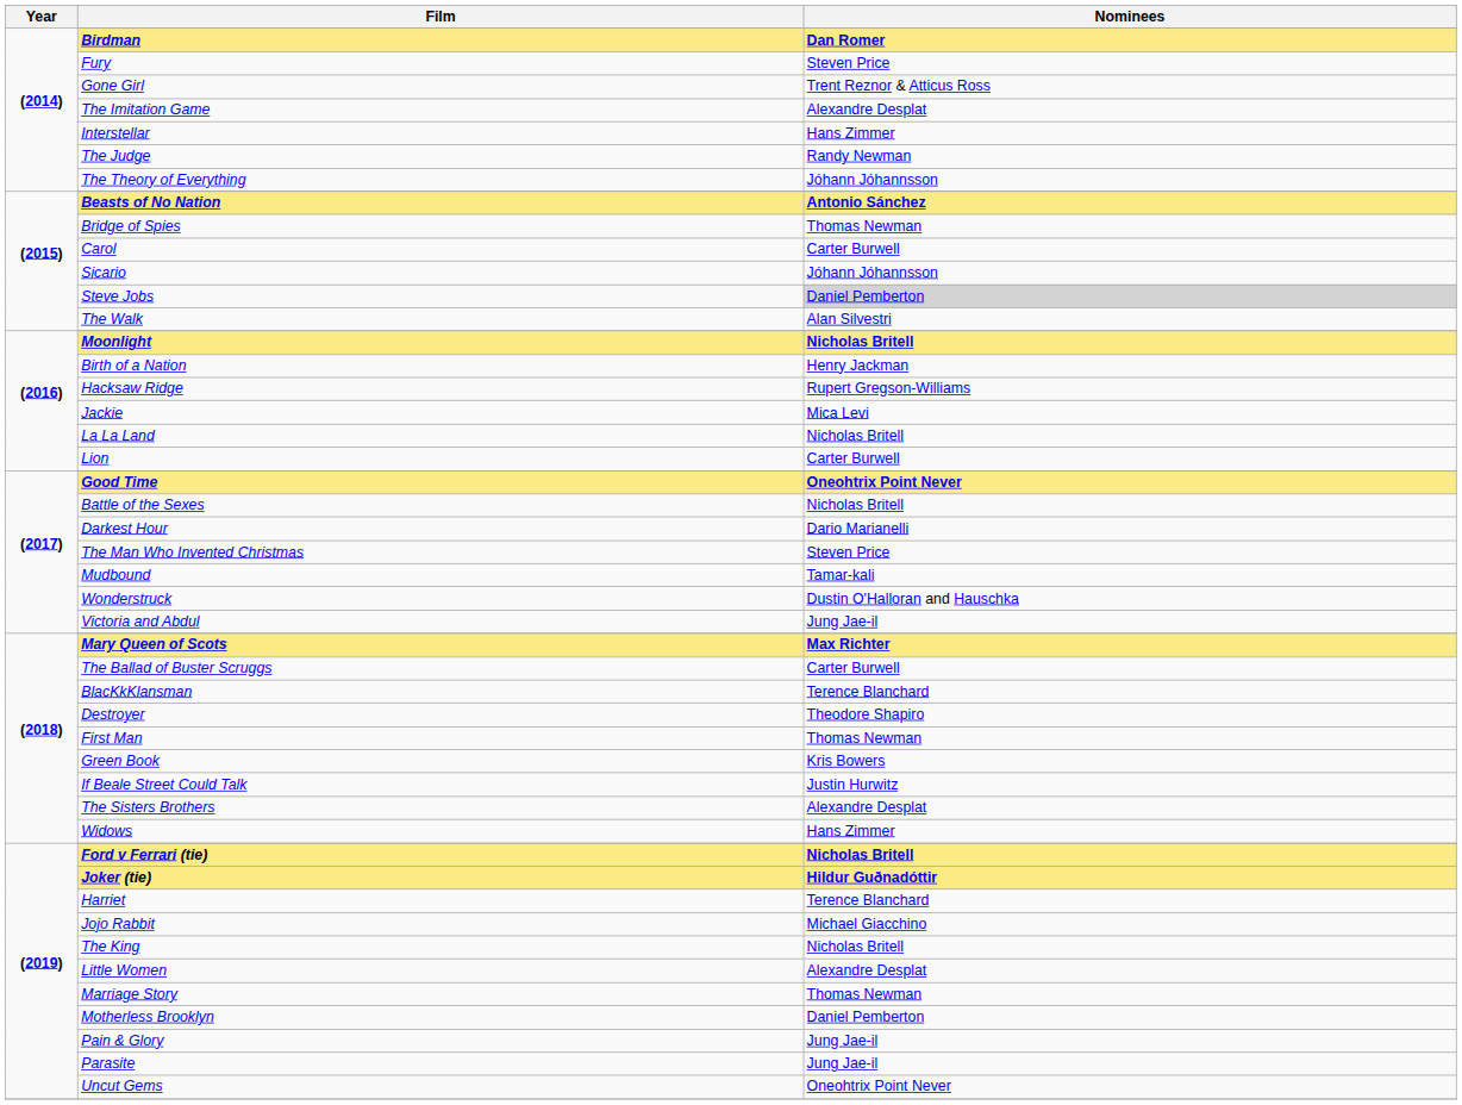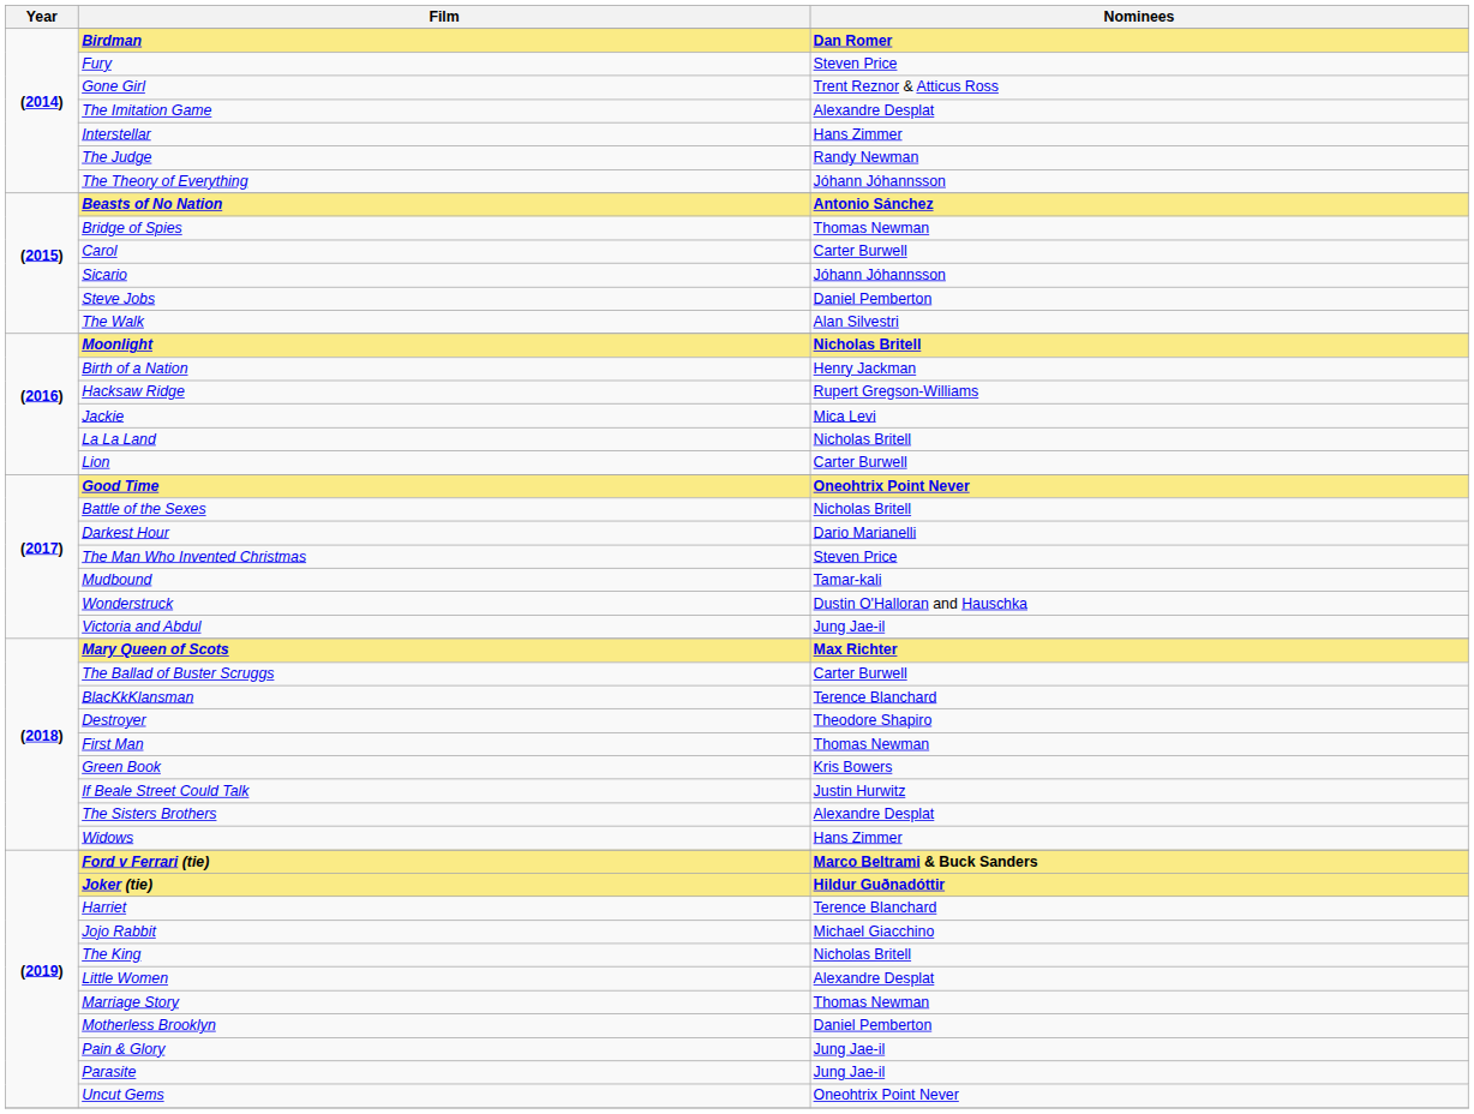 <table class="wikitable" style="width:100%">
 <tr bgcolor="#bebebe">
 <th width="5%">Year</th>
 <th width="50%">Film</th>
 <th width="45%">Nominees</th>
 </tr>
 <tr>
 <td rowspan=8 style="text-align:center"><strong>(<a href='#'>2014</a>)</strong><br> <br></td>
 </tr>
 <tr style="background:#FAEB86">
 <td><strong><em><a href='#'>Birdman</a></em></strong></td>
 <td><strong><a href='#'>Dan Romer</a></strong></td>
 </tr>
 <tr>
 <td><em><a href='#'>Fury</a></em></td>
 <td><a href='#'>Steven Price</a></td>
 </tr>
 <tr>
 <td><em><a href='#'>Gone Girl</a></em></td>
 <td><a href='#'>Trent Reznor</a> & <a href='#'>Atticus Ross</a></td>
 </tr>
 <tr>
 <td><em><a href='#'>The Imitation Game</a></em></td>
 <td><a href='#'>Alexandre Desplat</a></td>
 </tr>
 <tr>
 <td><em><a href='#'>Interstellar</a></em></td>
 <td><a href='#'>Hans Zimmer</a></td>
 </tr>
 <tr>
 <td><em><a href='#'>The Judge</a></em></td>
 <td><a href='#'>Randy Newman</a></td>
 </tr>
 <tr>
 <td><em><a href='#'>The Theory of Everything</a></em></td>
 <td><a href='#'>Jóhann Jóhannsson</a></td>
 </tr>
 <tr>
 <td rowspan=7 style="text-align:center"><strong>(<a href='#'>2015</a>)</strong><br> <br></td>
 </tr>
 <tr style="background:#FAEB86">
 <td><strong><em><a href='#'>Beasts of No Nation</a></em></strong></td>
 <td><strong><a href='#'>Antonio Sánchez</a></strong></td>
 </tr>
 <tr>
 <td><em><a href='#'>Bridge of Spies</a></em></td>
 <td><a href='#'>Thomas Newman</a></td>
 </tr>
 <tr>
 <td><em><a href='#'>Carol</a></em></td>
 <td><a href='#'>Carter Burwell</a></td>
 </tr>
 <tr>
 <td><em><a href='#'>Sicario</a></em></td>
 <td><a href='#'>Jóhann Jóhannsson</a></td>
 </tr>
 <tr>
 <td><em><a href='#'>Steve Jobs</a></em></td>
-<td style="background: lightgrey;"><a href='#'>Daniel Pemberton</a></td>
+<td><a href='#'>Daniel Pemberton</a></td>
 </tr>
 <tr>
 <td><em><a href='#'>The Walk</a></em></td>
 <td><a href='#'>Alan Silvestri</a></td>
 </tr>
 <tr>
 <td rowspan=7 style="text-align:center"><strong>(<a href='#'>2016</a>)</strong><br> <br></td>
 </tr>
 <tr style="background:#FAEB86">
 <td><strong><em><a href='#'>Moonlight</a></em></strong></td>
 <td><strong><a href='#'>Nicholas Britell</a></strong></td>
 </tr>
 <tr>
 <td><em><a href='#'>Birth of a Nation</a></em></td>
 <td><a href='#'>Henry Jackman</a></td>
 </tr>
 <tr>
 <td><em><a href='#'>Hacksaw Ridge</a></em></td>
 <td><a href='#'>Rupert Gregson-Williams</a></td>
 </tr>
 <tr>
 <td><em><a href='#'>Jackie</a></em></td>
 <td><a href='#'>Mica Levi</a></td>
 </tr>
 <tr>
 <td><em><a href='#'>La La Land</a></em></td>
 <td><a href='#'>Nicholas Britell</a></td>
 </tr>
 <tr>
 <td><em><a href='#'>Lion</a></em></td>
 <td><a href='#'>Carter Burwell</a></td>
 </tr>
 <tr>
 <td rowspan=8 style="text-align:center"><strong>(<a href='#'>2017</a>)</strong><br> <br></td>
 </tr>
 <tr style="background:#FAEB86">
 <td><strong><em><a href='#'>Good Time</a></em></strong></td>
 <td><strong><a href='#'>Oneohtrix Point Never</a></strong></td>
 </tr>
 <tr>
 <td><em><a href='#'>Battle of the Sexes</a></em></td>
 <td><a href='#'>Nicholas Britell</a></td>
 </tr>
 <tr>
 <td><em><a href='#'>Darkest Hour</a></em></td>
 <td><a href='#'>Dario Marianelli</a></td>
 </tr>
 <tr>
 <td><em><a href='#'>The Man Who Invented Christmas</a></em></td>
 <td><a href='#'>Steven Price</a></td>
 </tr>
 <tr>
 <td><em><a href='#'>Mudbound</a></em></td>
 <td><a href='#'>Tamar-kali</a></td>
 </tr>
 <tr>
 <td><em><a href='#'>Wonderstruck</a></em></td>
 <td><a href='#'>Dustin O'Halloran</a> and <a href='#'>Hauschka</a></td>
 </tr>
 <tr>
 <td><em><a href='#'>Victoria and Abdul</a></em></td>
 <td><a href='#'>Jung Jae-il</a></td>
 </tr>
 <tr>
 <td rowspan=10 style="text-align:center"><strong>(<a href='#'>2018</a>)</strong><br> <br></td>
 </tr>
 <tr style="background:#FAEB86">
 <td><strong><em><a href='#'>Mary Queen of Scots</a></em></strong></td>
 <td><strong><a href='#'>Max Richter</a></strong></td>
 </tr>
 <tr>
 <td><em><a href='#'>The Ballad of Buster Scruggs</a></em></td>
 <td><a href='#'>Carter Burwell</a></td>
 </tr>
 <tr>
 <td><em><a href='#'>BlacKkKlansman</a></em></td>
 <td><a href='#'>Terence Blanchard</a></td>
 </tr>
 <tr>
 <td><em><a href='#'>Destroyer</a></em></td>
 <td><a href='#'>Theodore Shapiro</a></td>
 </tr>
 <tr>
 <td><em><a href='#'>First Man</a></em></td>
 <td><a href='#'>Thomas Newman</a></td>
 </tr>
 <tr>
 <td><em><a href='#'>Green Book</a></em></td>
 <td><a href='#'>Kris Bowers</a></td>
 </tr>
 <tr>
 <td><em><a href='#'>If Beale Street Could Talk</a></em></td>
 <td><a href='#'>Justin Hurwitz</a></td>
 </tr>
 <tr>
 <td><em><a href='#'>The Sisters Brothers</a></em></td>
 <td><a href='#'>Alexandre Desplat</a></td>
 </tr>
 <tr>
 <td><em><a href='#'>Widows</a></em></td>
 <td><a href='#'>Hans Zimmer</a></td>
 </tr>
 <tr>
 <td rowspan=12 style="text-align:center"><strong>(<a href='#'>2019</a>)</strong><br> <br></td>
 </tr>
 <tr style="background:#FAEB86">
 <td><strong><em><a href='#'>Ford v Ferrari</a> (tie)</em></strong></td>
-<td><strong><a href='#'>Nicholas Britell</a></strong></td>
+<td><strong><a href='#'>Marco Beltrami</a> & Buck Sanders</strong></td>
 </tr>
 <tr style="background:#FAEB86">
 <td><strong><em><a href='#'>Joker</a> (tie)</em></strong></td>
 <td><strong><a href='#'>Hildur Guðnadóttir</a></strong></td>
 </tr>
 <tr>
 <td><em><a href='#'>Harriet</a></em></td>
 <td><a href='#'>Terence Blanchard</a></td>
 </tr>
 <tr>
 <td><em><a href='#'>Jojo Rabbit</a></em></td>
 <td><a href='#'>Michael Giacchino</a></td>
 </tr>
 <tr>
 <td><em><a href='#'>The King</a></em></td>
 <td><a href='#'>Nicholas Britell</a></td>
 </tr>
 <tr>
 <td><em><a href='#'>Little Women</a></em></td>
 <td><a href='#'>Alexandre Desplat</a></td>
 </tr>
 <tr>
 <td><em><a href='#'>Marriage Story</a></em></td>
 <td><a href='#'>Thomas Newman</a></td>
 </tr>
 <tr>
 <td><em><a href='#'>Motherless Brooklyn</a></em></td>
 <td><a href='#'>Daniel Pemberton</a></td>
 </tr>
 <tr>
 <td><em><a href='#'>Pain & Glory</a></em></td>
 <td><a href='#'>Jung Jae-il</a></td>
 </tr>
 <tr>
 <td><em><a href='#'>Parasite</a></em></td>
 <td><a href='#'>Jung Jae-il</a></td>
 </tr>
 <tr>
 <td><em><a href='#'>Uncut Gems</a></em></td>
 <td><a href='#'>Oneohtrix Point Never</a></td>
 </tr>
 <tr>
 </tr>
 </table>
